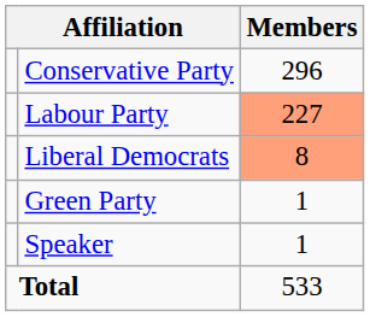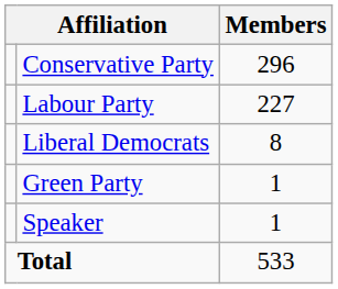 <table class="wikitable">
 <tr>
 <th colspan="2">Affiliation</th>
 <th>Members</th>
 </tr>
 <tr>
 <td></td>
 <td><a href='#'>Conservative Party</a></td>
 <td style="text-align:center;">296</td>
 </tr>
 <tr>
 <td></td>
 <td><a href='#'>Labour Party</a></td>
-<td style="background: lightsalmon; text-align:center;">227</td>
+<td style="text-align:center;">227</td>
 </tr>
 <tr>
 <td></td>
 <td><a href='#'>Liberal Democrats</a></td>
-<td style="background: lightsalmon; text-align:center;">8</td>
+<td style="text-align:center;">8</td>
 </tr>
 <tr>
 <td></td>
 <td><a href='#'>Green Party</a></td>
 <td style="text-align:center;">1</td>
 </tr>
 <tr>
 <td></td>
 <td><a href='#'>Speaker</a></td>
 <td style="text-align:center;">1</td>
 </tr>
 <tr>
 <td colspan="2" rowspan="1"> <strong>Total</strong></td>
 <td align="center">533</td>
 </tr>
 </table>
